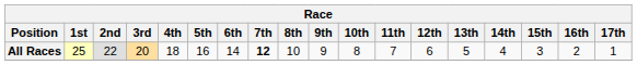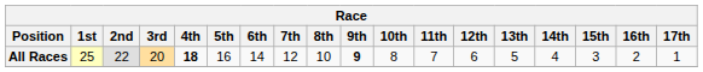 <table class="wikitable" style="font-size:85%; text-align:center">
 <tr>
 <th colspan=18>Race</th>
 </tr>
 <tr>
 <th>Position</th>
 <th> 1st </th>
 <th> 2nd </th>
 <th> 3rd </th>
 <th> 4th </th>
 <th> 5th </th>
 <th> 6th </th>
 <th> 7th </th>
 <th> 8th </th>
 <th> 9th </th>
 <th> 10th </th>
 <th> 11th </th>
 <th> 12th </th>
 <th> 13th </th>
 <th> 14th </th>
 <th> 15th </th>
 <th> 16th </th>
 <th> 17th </th>
 </tr>
 <tr>
 <th>All Races</th>
 <td style="background:#FFFFBF;">25</td>
 <td style="background:#DFDFDF;">22</td>
 <td style="background:#FFDF9F;">20</td>
-<td>18</td>
+<td><strong>18</strong></td>
 <td>16</td>
 <td>14</td>
-<td><strong>12</strong></td>
+<td>12</td>
 <td>10</td>
-<td>9</td>
+<td><strong>9</strong></td>
 <td>8</td>
 <td>7</td>
 <td>6</td>
 <td>5</td>
 <td>4</td>
 <td>3</td>
 <td>2</td>
 <td>1</td>
 </tr>
 <tr>
 </tr>
 </table>
